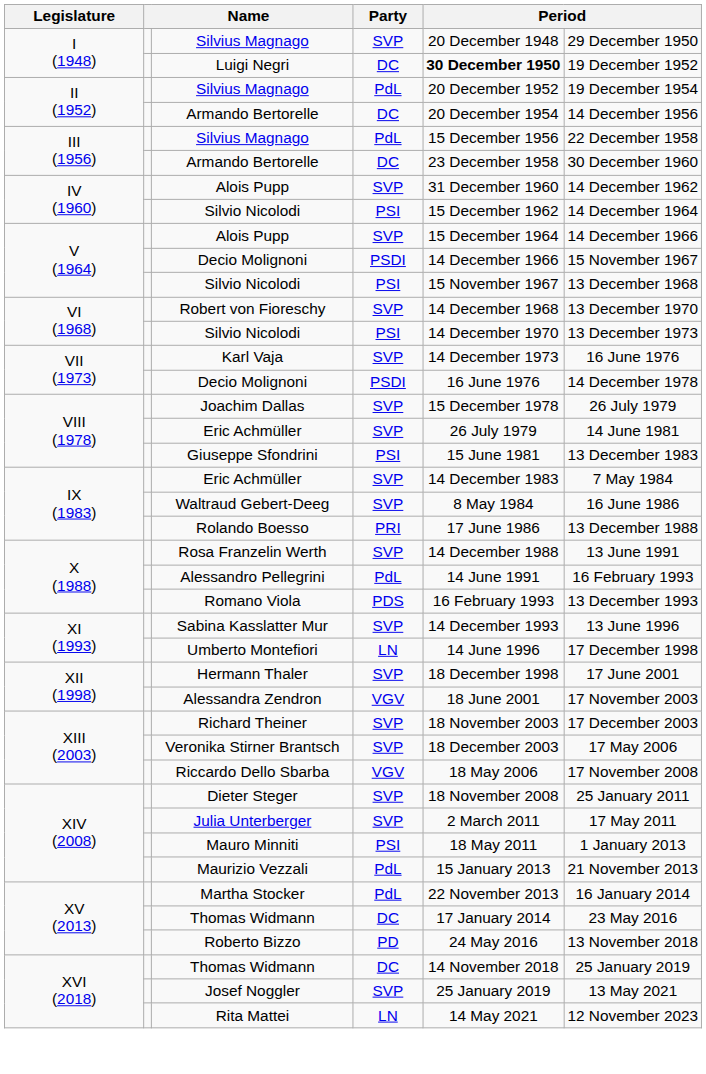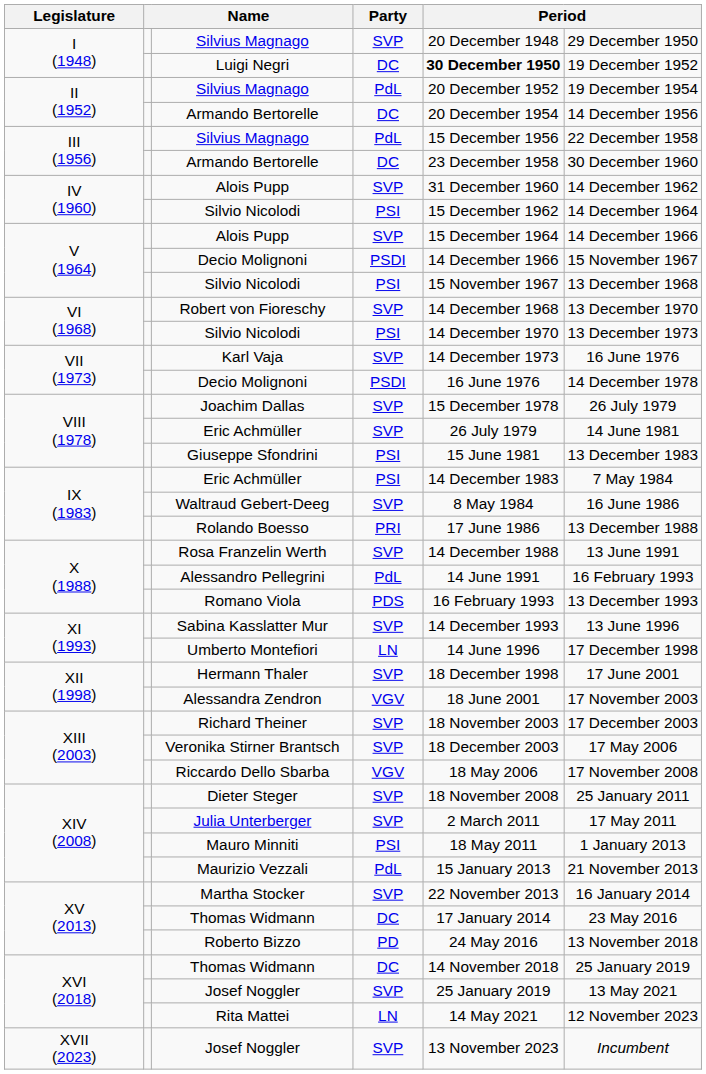 <table class="wikitable">
 <tr>
 <th width="20%">Legislature</th>
 <th width="30%" colspan=2>Name</th>
 <th width="10%">Party</th>
 <th width="40%" colspan=2>Period</th>
 </tr>
 <tr align=center>
 <td rowspan=2>I <br>(<a href='#'>1948</a>)</td>
 <td style="background:"></td>
 <td><a href='#'>Silvius Magnago</a></td>
 <td><a href='#'>SVP</a></td>
 <td>20 December 1948</td>
 <td>29 December 1950</td>
 </tr>
 <tr align=center>
 <td style="background:"></td>
 <td>Luigi Negri</td>
 <td><a href='#'>DC</a></td>
 <td><strong>30 December 1950</strong></td>
 <td>19 December 1952</td>
 </tr>
 <tr align=center>
 <td rowspan=2>II <br>(<a href='#'>1952</a>)</td>
 <td style="background:"></td>
 <td><a href='#'>Silvius Magnago</a></td>
 <td><a href='#'>PdL</a></td>
 <td>20 December 1952</td>
 <td>19 December 1954</td>
 </tr>
 <tr align=center>
 <td style="background:"></td>
 <td>Armando Bertorelle</td>
 <td><a href='#'>DC</a></td>
 <td>20 December 1954</td>
 <td>14 December 1956</td>
 </tr>
 <tr align=center>
 <td rowspan=2>III <br>(<a href='#'>1956</a>)</td>
 <td style="background:"></td>
 <td><a href='#'>Silvius Magnago</a></td>
 <td><a href='#'>PdL</a></td>
 <td>15 December 1956</td>
 <td>22 December 1958</td>
 </tr>
 <tr align=center>
 <td style="background:"></td>
 <td>Armando Bertorelle</td>
 <td><a href='#'>DC</a></td>
 <td>23 December 1958</td>
 <td>30 December 1960</td>
 </tr>
 <tr align=center>
 <td rowspan=2>IV <br>(<a href='#'>1960</a>)</td>
 <td style="background:"></td>
 <td>Alois Pupp</td>
 <td><a href='#'>SVP</a></td>
 <td>31 December 1960</td>
 <td>14 December 1962</td>
 </tr>
 <tr align=center>
 <td style="background:"></td>
 <td>Silvio Nicolodi</td>
 <td><a href='#'>PSI</a></td>
 <td>15 December 1962</td>
 <td>14 December 1964</td>
 </tr>
 <tr align=center>
 <td rowspan=3>V <br>(<a href='#'>1964</a>)</td>
 <td style="background:"></td>
 <td>Alois Pupp</td>
 <td><a href='#'>SVP</a></td>
 <td>15 December 1964</td>
 <td>14 December 1966</td>
 </tr>
 <tr align=center>
 <td style="background:"></td>
 <td>Decio Molignoni</td>
 <td><a href='#'>PSDI</a></td>
 <td>14 December 1966</td>
 <td>15 November 1967</td>
 </tr>
 <tr align=center>
 <td style="background:"></td>
 <td>Silvio Nicolodi</td>
 <td><a href='#'>PSI</a></td>
 <td>15 November 1967</td>
 <td>13 December 1968</td>
 </tr>
 <tr align=center>
 <td rowspan=2>VI <br>(<a href='#'>1968</a>)</td>
 <td style="background:"></td>
 <td>Robert von Fioreschy</td>
 <td><a href='#'>SVP</a></td>
 <td>14 December 1968</td>
 <td>13 December 1970</td>
 </tr>
 <tr align=center>
 <td style="background:"></td>
 <td>Silvio Nicolodi</td>
 <td><a href='#'>PSI</a></td>
 <td>14 December 1970</td>
 <td>13 December 1973</td>
 </tr>
 <tr align=center>
 <td rowspan=2>VII <br>(<a href='#'>1973</a>)</td>
 <td style="background:"></td>
 <td>Karl Vaja</td>
 <td><a href='#'>SVP</a></td>
 <td>14 December 1973</td>
 <td>16 June 1976</td>
 </tr>
 <tr align=center>
 <td style="background:"></td>
 <td>Decio Molignoni</td>
 <td><a href='#'>PSDI</a></td>
 <td>16 June 1976</td>
 <td>14 December 1978</td>
 </tr>
 <tr align=center>
 <td rowspan=3>VIII <br>(<a href='#'>1978</a>)</td>
 <td style="background:"></td>
 <td>Joachim Dallas</td>
 <td><a href='#'>SVP</a></td>
 <td>15 December 1978</td>
 <td>26 July 1979</td>
 </tr>
 <tr align=center>
 <td style="background:"></td>
 <td>Eric Achmüller</td>
 <td><a href='#'>SVP</a></td>
 <td>26 July 1979</td>
 <td>14 June 1981</td>
 </tr>
 <tr align=center>
 <td style="background:"></td>
 <td>Giuseppe Sfondrini</td>
 <td><a href='#'>PSI</a></td>
 <td>15 June 1981</td>
 <td>13 December 1983</td>
 </tr>
 <tr align=center>
 <td rowspan=3>IX <br>(<a href='#'>1983</a>)</td>
 <td style="background:"></td>
 <td>Eric Achmüller</td>
-<td><a href='#'>SVP</a></td>
+<td><a href='#'>PSI</a></td>
 <td>14 December 1983</td>
 <td>7 May 1984</td>
 </tr>
 <tr align=center>
 <td style="background:"></td>
 <td>Waltraud Gebert-Deeg</td>
 <td><a href='#'>SVP</a></td>
 <td>8 May 1984</td>
 <td>16 June 1986</td>
 </tr>
 <tr align=center>
 <td style="background:"></td>
 <td>Rolando Boesso</td>
 <td><a href='#'>PRI</a></td>
 <td>17 June 1986</td>
 <td>13 December 1988</td>
 </tr>
 <tr align=center>
 <td rowspan=3>X <br>(<a href='#'>1988</a>)</td>
 <td style="background:"></td>
 <td>Rosa Franzelin Werth</td>
 <td><a href='#'>SVP</a></td>
 <td>14 December 1988</td>
 <td>13 June 1991</td>
 </tr>
 <tr align=center>
 <td style="background:"></td>
 <td>Alessandro Pellegrini</td>
 <td><a href='#'>PdL</a></td>
 <td>14 June 1991</td>
 <td>16 February 1993</td>
 </tr>
 <tr align=center>
 <td style="background:"></td>
 <td>Romano Viola</td>
 <td><a href='#'>PDS</a></td>
 <td>16 February 1993</td>
 <td>13 December 1993</td>
 </tr>
 <tr align=center>
 <td rowspan=2>XI <br>(<a href='#'>1993</a>)</td>
 <td style="background:"></td>
 <td>Sabina Kasslatter Mur</td>
 <td><a href='#'>SVP</a></td>
 <td>14 December 1993</td>
 <td>13 June 1996</td>
 </tr>
 <tr align=center>
 <td style="background:"></td>
 <td>Umberto Montefiori</td>
 <td><a href='#'>LN</a></td>
 <td>14 June 1996</td>
 <td>17 December 1998</td>
 </tr>
 <tr align=center>
 <td rowspan=2>XII <br>(<a href='#'>1998</a>)</td>
 <td style="background:"></td>
 <td>Hermann Thaler</td>
 <td><a href='#'>SVP</a></td>
 <td>18 December 1998</td>
 <td>17 June 2001</td>
 </tr>
 <tr align=center>
 <td style="background:"></td>
 <td>Alessandra Zendron</td>
 <td><a href='#'>VGV</a></td>
 <td>18 June 2001</td>
 <td>17 November 2003</td>
 </tr>
 <tr align=center>
 <td rowspan=3>XIII <br>(<a href='#'>2003</a>)</td>
 <td style="background:"></td>
 <td>Richard Theiner</td>
 <td><a href='#'>SVP</a></td>
 <td>18 November 2003</td>
 <td>17 December 2003</td>
 </tr>
 <tr align=center>
 <td style="background:"></td>
 <td>Veronika Stirner Brantsch</td>
 <td><a href='#'>SVP</a></td>
 <td>18 December 2003</td>
 <td>17 May 2006</td>
 </tr>
 <tr align=center>
 <td style="background:"></td>
 <td>Riccardo Dello Sbarba</td>
 <td><a href='#'>VGV</a></td>
 <td>18 May 2006</td>
 <td>17 November 2008</td>
 </tr>
 <tr align=center>
 <td rowspan=4>XIV <br>(<a href='#'>2008</a>)</td>
 <td style="background:"></td>
 <td>Dieter Steger</td>
 <td><a href='#'>SVP</a></td>
 <td>18 November 2008</td>
 <td>25 January 2011</td>
 </tr>
 <tr align=center>
 <td style="background:"></td>
 <td><a href='#'>Julia Unterberger</a></td>
 <td><a href='#'>SVP</a></td>
 <td>2 March 2011</td>
 <td>17 May 2011</td>
 </tr>
 <tr align=center>
 <td style="background:"></td>
 <td>Mauro Minniti</td>
 <td><a href='#'>PSI</a></td>
 <td>18 May 2011</td>
 <td>1 January 2013</td>
 </tr>
 <tr align=center>
 <td style="background:"></td>
 <td>Maurizio Vezzali</td>
 <td><a href='#'>PdL</a></td>
 <td>15 January 2013</td>
 <td>21 November 2013</td>
 </tr>
 <tr align=center>
 <td rowspan=3>XV <br>(<a href='#'>2013</a>)</td>
 <td style="background:"></td>
 <td>Martha Stocker</td>
-<td><a href='#'>PdL</a></td>
+<td><a href='#'>SVP</a></td>
 <td>22 November 2013</td>
 <td>16 January 2014</td>
 </tr>
 <tr align=center>
 <td style="background:"></td>
 <td>Thomas Widmann</td>
 <td><a href='#'>DC</a></td>
 <td>17 January 2014</td>
 <td>23 May 2016</td>
 </tr>
 <tr align=center>
 <td style="background:"></td>
 <td>Roberto Bizzo</td>
 <td><a href='#'>PD</a></td>
 <td>24 May 2016</td>
 <td>13 November 2018</td>
 </tr>
 <tr align=center>
 <td rowspan=3>XVI <br>(<a href='#'>2018</a>)</td>
 <td style="background:"></td>
 <td>Thomas Widmann</td>
 <td><a href='#'>DC</a></td>
 <td>14 November 2018</td>
 <td>25 January 2019</td>
 </tr>
 <tr align=center>
 <td style="background:"></td>
 <td>Josef Noggler</td>
 <td><a href='#'>SVP</a></td>
 <td>25 January 2019</td>
 <td>13 May 2021</td>
 </tr>
 <tr align=center>
 <td style="background:"></td>
 <td>Rita Mattei</td>
 <td><a href='#'>LN</a></td>
 <td>14 May 2021</td>
 <td>12 November 2023</td>
 </tr>
+<tr align=center>
+<td>XVII <br>(<a href='#'>2023</a>)</td>
+<td style="background:"></td>
+<td>Josef Noggler</td>
+<td><a href='#'>SVP</a></td>
+<td>13 November 2023</td>
+<td><em>Incumbent</em></td>
+</tr>
 </table>
